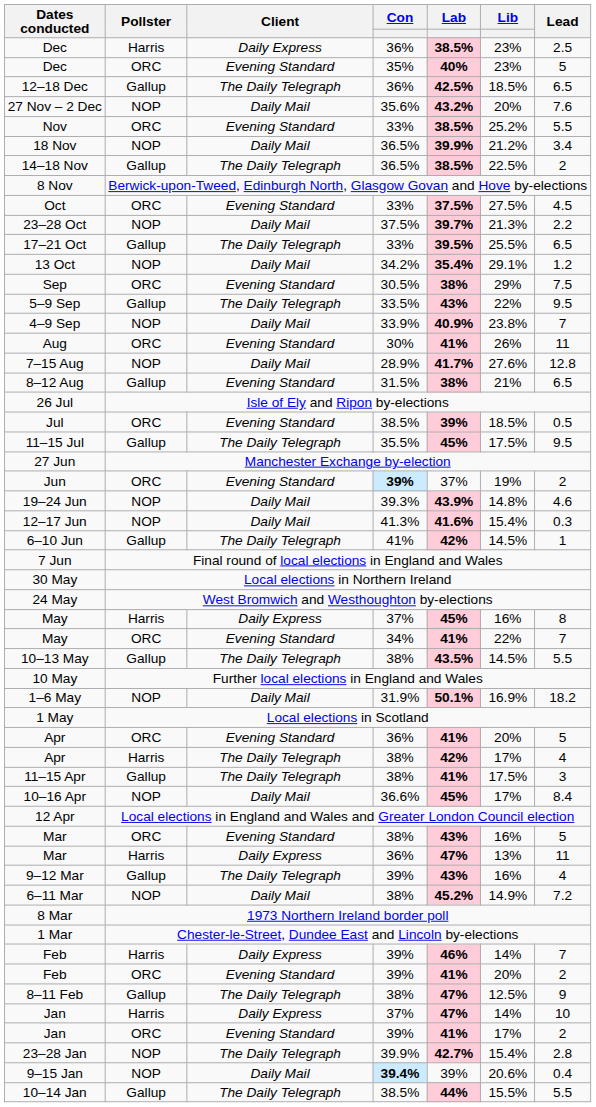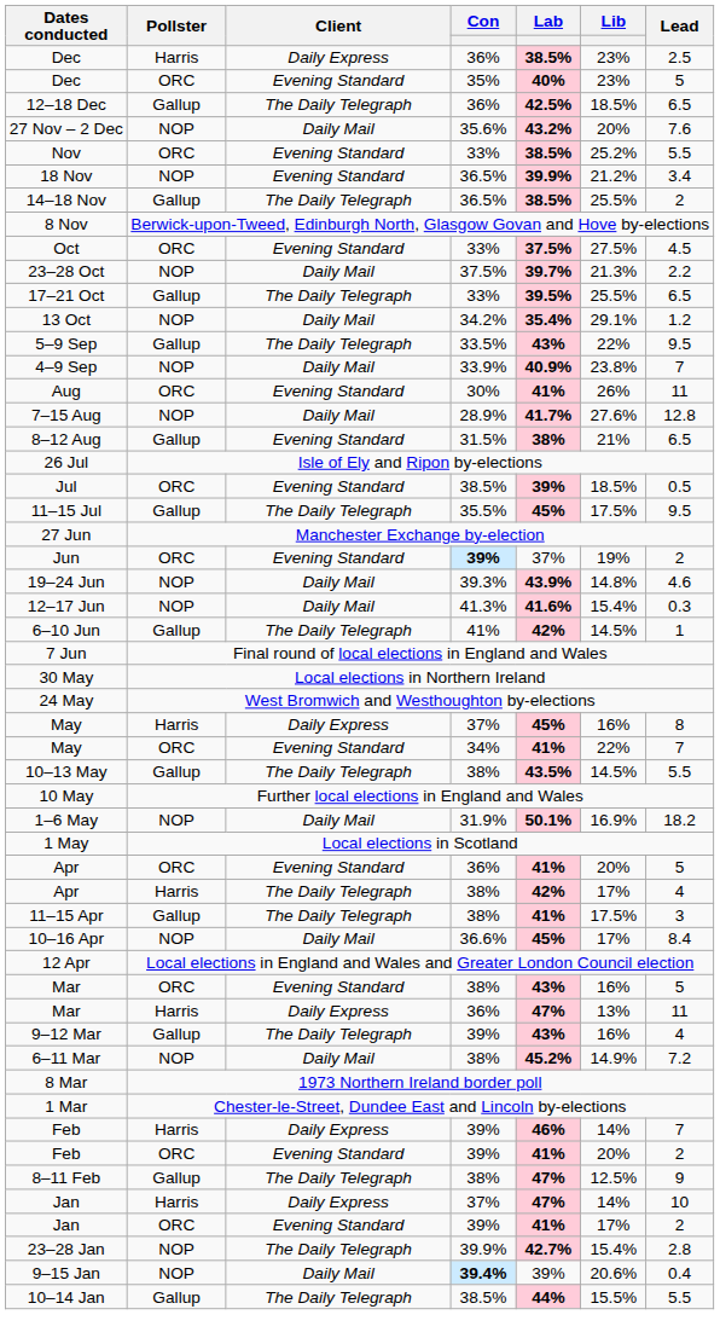 <table class="wikitable sortable mw-datatable" style="text-align:center;font-size:90%;line-height:14px;">
 <tr>
 <th rowspan="2">Dates<br>conducted</th>
 <th rowspan="2">Pollster</th>
 <th rowspan="2">Client</th>
 <th class="unsortable" style="width:50px;"><a href='#'>Con</a></th>
 <th class="unsortable" style="width:50px;"><a href='#'>Lab</a></th>
 <th class="unsortable" style="width:50px;"><a href='#'>Lib</a></th>
 <th rowspan="2">Lead</th>
 </tr>
 <tr>
 <th style="background:"></th>
 <th style="background:"></th>
 <th style="background:"></th>
 </tr>
 <tr>
 <td>Dec</td>
 <td>Harris</td>
 <td><em>Daily Express</em></td>
 <td>36%</td>
 <td style="background:#ffccd9;"><strong>38.5%</strong></td>
 <td>23%</td>
 <td style="background:">2.5</td>
 </tr>
 <tr>
 <td>Dec</td>
 <td>ORC</td>
 <td><em>Evening Standard</em></td>
 <td>35%</td>
 <td style="background:#ffccd9;"><strong>40%</strong></td>
 <td>23%</td>
 <td style="background:">5</td>
 </tr>
 <tr>
 <td>12–18 Dec</td>
 <td>Gallup</td>
 <td><em>The Daily Telegraph</em></td>
 <td>36%</td>
 <td style="background:#ffccd9;"><strong>42.5%</strong></td>
 <td>18.5%</td>
 <td style="background:">6.5</td>
 </tr>
 <tr>
 <td>27 Nov – 2 Dec</td>
 <td>NOP</td>
 <td><em>Daily Mail</em></td>
 <td>35.6%</td>
 <td style="background:#ffccd9;"><strong>43.2%</strong></td>
 <td>20%</td>
 <td style="background:">7.6</td>
 </tr>
 <tr>
 <td>Nov</td>
 <td>ORC</td>
 <td><em>Evening Standard</em></td>
 <td>33%</td>
 <td style="background:#ffccd9;"><strong>38.5%</strong></td>
 <td>25.2%</td>
 <td style="background:">5.5</td>
 </tr>
 <tr>
 <td>18 Nov</td>
 <td>NOP</td>
-<td><em>Daily Mail</em></td>
+<td><em>Evening Standard</em></td>
 <td>36.5%</td>
 <td style="background:#ffccd9;"><strong>39.9%</strong></td>
 <td>21.2%</td>
 <td style="background:">3.4</td>
 </tr>
 <tr>
 <td>14–18 Nov</td>
 <td>Gallup</td>
 <td><em>The Daily Telegraph</em></td>
 <td>36.5%</td>
 <td style="background:#ffccd9;"><strong>38.5%</strong></td>
-<td>22.5%</td>
+<td>25.5%</td>
 <td style="background:">2</td>
 </tr>
 <tr>
 <td>8 Nov</td>
 <td colspan="6"><a href='#'>Berwick-upon-Tweed</a>, <a href='#'>Edinburgh North</a>, <a href='#'>Glasgow Govan</a> and <a href='#'>Hove</a> by-elections</td>
 </tr>
 <tr>
 <td>Oct</td>
 <td>ORC</td>
 <td><em>Evening Standard</em></td>
 <td>33%</td>
 <td style="background:#ffccd9;"><strong>37.5%</strong></td>
 <td>27.5%</td>
 <td style="background:">4.5</td>
 </tr>
 <tr>
 <td>23–28 Oct</td>
 <td>NOP</td>
 <td><em>Daily Mail</em></td>
 <td>37.5%</td>
 <td style="background:#ffccd9;"><strong>39.7%</strong></td>
 <td>21.3%</td>
 <td style="background:">2.2</td>
 </tr>
 <tr>
 <td>17–21 Oct</td>
 <td>Gallup</td>
 <td><em>The Daily Telegraph</em></td>
 <td>33%</td>
 <td style="background:#ffccd9;"><strong>39.5%</strong></td>
 <td>25.5%</td>
 <td style="background:">6.5</td>
 </tr>
 <tr>
 <td>13 Oct</td>
 <td>NOP</td>
 <td><em>Daily Mail</em></td>
 <td>34.2%</td>
 <td style="background:#ffccd9;"><strong>35.4%</strong></td>
 <td>29.1%</td>
 <td style="background:">1.2</td>
-</tr>
-<tr>
-<td>Sep</td>
-<td>ORC</td>
-<td><em>Evening Standard</em></td>
-<td>30.5%</td>
-<td style="background:#ffccd9;"><strong>38%</strong></td>
-<td>29%</td>
-<td style="background:">7.5</td>
 </tr>
 <tr>
 <td>5–9 Sep</td>
 <td>Gallup</td>
 <td><em>The Daily Telegraph</em></td>
 <td>33.5%</td>
 <td style="background:#ffccd9;"><strong>43%</strong></td>
 <td>22%</td>
 <td style="background:">9.5</td>
 </tr>
 <tr>
 <td>4–9 Sep</td>
 <td>NOP</td>
 <td><em>Daily Mail</em></td>
 <td>33.9%</td>
 <td style="background:#ffccd9;"><strong>40.9%</strong></td>
 <td>23.8%</td>
 <td style="background:">7</td>
 </tr>
 <tr>
 <td>Aug</td>
 <td>ORC</td>
 <td><em>Evening Standard</em></td>
 <td>30%</td>
 <td style="background:#ffccd9;"><strong>41%</strong></td>
 <td>26%</td>
 <td style="background:">11</td>
 </tr>
 <tr>
 <td>7–15 Aug</td>
 <td>NOP</td>
 <td><em>Daily Mail</em></td>
 <td>28.9%</td>
 <td style="background:#ffccd9;"><strong>41.7%</strong></td>
 <td>27.6%</td>
 <td style="background:">12.8</td>
 </tr>
 <tr>
 <td>8–12 Aug</td>
 <td>Gallup</td>
 <td><em>Evening Standard</em></td>
 <td>31.5%</td>
 <td style="background:#ffccd9;"><strong>38%</strong></td>
 <td>21%</td>
 <td style="background:">6.5</td>
 </tr>
 <tr>
 <td>26 Jul</td>
 <td colspan="6"><a href='#'>Isle of Ely</a> and <a href='#'>Ripon</a> by-elections</td>
 </tr>
 <tr>
 <td>Jul</td>
 <td>ORC</td>
 <td><em>Evening Standard</em></td>
 <td>38.5%</td>
 <td style="background:#ffccd9;"><strong>39%</strong></td>
 <td>18.5%</td>
 <td style="background:">0.5</td>
 </tr>
 <tr>
 <td>11–15 Jul</td>
 <td>Gallup</td>
 <td><em>The Daily Telegraph</em></td>
 <td>35.5%</td>
 <td style="background:#ffccd9;"><strong>45%</strong></td>
 <td>17.5%</td>
 <td style="background:">9.5</td>
 </tr>
 <tr>
 <td>27 Jun</td>
 <td colspan="6"><a href='#'>Manchester Exchange by-election</a></td>
 </tr>
 <tr>
 <td>Jun</td>
 <td>ORC</td>
 <td><em>Evening Standard</em></td>
 <td style="background:#CCEBFF;"><strong>39%</strong></td>
 <td>37%</td>
 <td>19%</td>
 <td style="background:">2</td>
 </tr>
 <tr>
 <td>19–24 Jun</td>
 <td>NOP</td>
 <td><em>Daily Mail</em></td>
 <td>39.3%</td>
 <td style="background:#ffccd9;"><strong>43.9%</strong></td>
 <td>14.8%</td>
 <td style="background:">4.6</td>
 </tr>
 <tr>
 <td>12–17 Jun</td>
 <td>NOP</td>
 <td><em>Daily Mail</em></td>
 <td>41.3%</td>
 <td style="background:#ffccd9;"><strong>41.6%</strong></td>
 <td>15.4%</td>
 <td style="background:">0.3</td>
 </tr>
 <tr>
 <td>6–10 Jun</td>
 <td>Gallup</td>
 <td><em>The Daily Telegraph</em></td>
 <td>41%</td>
 <td style="background:#ffccd9;"><strong>42%</strong></td>
 <td>14.5%</td>
 <td style="background:">1</td>
 </tr>
 <tr>
 <td>7 Jun</td>
 <td colspan="6">Final round of <a href='#'>local elections</a> in England and Wales</td>
 </tr>
 <tr>
 <td>30 May</td>
 <td colspan="6"><a href='#'>Local elections</a> in Northern Ireland</td>
 </tr>
 <tr>
 <td>24 May</td>
 <td colspan="6"><a href='#'>West Bromwich</a> and <a href='#'>Westhoughton</a> by-elections</td>
 </tr>
 <tr>
 <td>May</td>
 <td>Harris</td>
 <td><em>Daily Express</em></td>
 <td>37%</td>
 <td style="background:#ffccd9;"><strong>45%</strong></td>
 <td>16%</td>
 <td style="background:">8</td>
 </tr>
 <tr>
 <td>May</td>
 <td>ORC</td>
 <td><em>Evening Standard</em></td>
 <td>34%</td>
 <td style="background:#ffccd9;"><strong>41%</strong></td>
 <td>22%</td>
 <td style="background:">7</td>
 </tr>
 <tr>
 <td>10–13 May</td>
 <td>Gallup</td>
 <td><em>The Daily Telegraph</em></td>
 <td>38%</td>
 <td style="background:#ffccd9;"><strong>43.5%</strong></td>
 <td>14.5%</td>
 <td style="background:">5.5</td>
 </tr>
 <tr>
 <td>10 May</td>
 <td colspan="6">Further <a href='#'>local elections</a> in England and Wales</td>
 </tr>
 <tr>
 <td>1–6 May</td>
 <td>NOP</td>
 <td><em>Daily Mail</em></td>
 <td>31.9%</td>
 <td style="background:#ffccd9;"><strong>50.1%</strong></td>
 <td>16.9%</td>
 <td style="background:">18.2</td>
 </tr>
 <tr>
 <td>1 May</td>
 <td colspan="6"><a href='#'>Local elections</a> in Scotland</td>
 </tr>
 <tr>
 <td>Apr</td>
 <td>ORC</td>
 <td><em>Evening Standard</em></td>
 <td>36%</td>
 <td style="background:#ffccd9;"><strong>41%</strong></td>
 <td>20%</td>
 <td style="background:">5</td>
 </tr>
 <tr>
 <td>Apr</td>
 <td>Harris</td>
 <td><em>The Daily Telegraph</em></td>
 <td>38%</td>
 <td style="background:#ffccd9;"><strong>42%</strong></td>
 <td>17%</td>
 <td style="background:">4</td>
 </tr>
 <tr>
 <td>11–15 Apr</td>
 <td>Gallup</td>
 <td><em>The Daily Telegraph</em></td>
 <td>38%</td>
 <td style="background:#ffccd9;"><strong>41%</strong></td>
 <td>17.5%</td>
 <td style="background:">3</td>
 </tr>
 <tr>
 <td>10–16 Apr</td>
 <td>NOP</td>
 <td><em>Daily Mail</em></td>
 <td>36.6%</td>
 <td style="background:#ffccd9;"><strong>45%</strong></td>
 <td>17%</td>
 <td style="background:">8.4</td>
 </tr>
 <tr>
 <td>12 Apr</td>
 <td colspan="6"><a href='#'>Local elections</a> in England and Wales and <a href='#'>Greater London Council election</a></td>
 </tr>
 <tr>
 <td>Mar</td>
 <td>ORC</td>
 <td><em>Evening Standard</em></td>
 <td>38%</td>
 <td style="background:#ffccd9;"><strong>43%</strong></td>
 <td>16%</td>
 <td style="background:">5</td>
 </tr>
 <tr>
 <td>Mar</td>
 <td>Harris</td>
 <td><em>Daily Express</em></td>
 <td>36%</td>
 <td style="background:#ffccd9;"><strong>47%</strong></td>
 <td>13%</td>
 <td style="background:">11</td>
 </tr>
 <tr>
 <td>9–12 Mar</td>
 <td>Gallup</td>
 <td><em>The Daily Telegraph</em></td>
 <td>39%</td>
 <td style="background:#ffccd9;"><strong>43%</strong></td>
 <td>16%</td>
 <td style="background:">4</td>
 </tr>
 <tr>
 <td>6–11 Mar</td>
 <td>NOP</td>
 <td><em>Daily Mail</em></td>
 <td>38%</td>
 <td style="background:#ffccd9;"><strong>45.2%</strong></td>
 <td>14.9%</td>
 <td style="background:">7.2</td>
 </tr>
 <tr>
 <td>8 Mar</td>
 <td colspan="6"><a href='#'>1973 Northern Ireland border poll</a></td>
 </tr>
 <tr>
 <td>1 Mar</td>
 <td colspan="6"><a href='#'>Chester-le-Street</a>, <a href='#'>Dundee East</a> and <a href='#'>Lincoln</a> by-elections</td>
 </tr>
 <tr>
 <td>Feb</td>
 <td>Harris</td>
 <td><em>Daily Express</em></td>
 <td>39%</td>
 <td style="background:#ffccd9;"><strong>46%</strong></td>
 <td>14%</td>
 <td style="background:">7</td>
 </tr>
 <tr>
 <td>Feb</td>
 <td>ORC</td>
 <td><em>Evening Standard</em></td>
 <td>39%</td>
 <td style="background:#ffccd9;"><strong>41%</strong></td>
 <td>20%</td>
 <td style="background:">2</td>
 </tr>
 <tr>
 <td>8–11 Feb</td>
 <td>Gallup</td>
 <td><em>The Daily Telegraph</em></td>
 <td>38%</td>
 <td style="background:#ffccd9;"><strong>47%</strong></td>
 <td>12.5%</td>
 <td style="background:">9</td>
 </tr>
 <tr>
 <td>Jan</td>
 <td>Harris</td>
 <td><em>Daily Express</em></td>
 <td>37%</td>
 <td style="background:#ffccd9;"><strong>47%</strong></td>
 <td>14%</td>
 <td style="background:">10</td>
 </tr>
 <tr>
 <td>Jan</td>
 <td>ORC</td>
 <td><em>Evening Standard</em></td>
 <td>39%</td>
 <td style="background:#ffccd9;"><strong>41%</strong></td>
 <td>17%</td>
 <td style="background:">2</td>
 </tr>
 <tr>
 <td>23–28 Jan</td>
 <td>NOP</td>
 <td><em>The Daily Telegraph</em></td>
 <td>39.9%</td>
 <td style="background:#ffccd9;"><strong>42.7%</strong></td>
 <td>15.4%</td>
 <td style="background:">2.8</td>
 </tr>
 <tr>
 <td>9–15 Jan</td>
 <td>NOP</td>
 <td><em>Daily Mail</em></td>
 <td style="background:#CCEBFF;"><strong>39.4%</strong></td>
 <td>39%</td>
 <td>20.6%</td>
 <td style="background:">0.4</td>
 </tr>
 <tr>
 <td>10–14 Jan</td>
 <td>Gallup</td>
 <td><em>The Daily Telegraph</em></td>
 <td>38.5%</td>
 <td style="background:#FFCCDA;"><strong>44%</strong></td>
 <td>15.5%</td>
 <td style="background:">5.5</td>
 </tr>
 </table>
